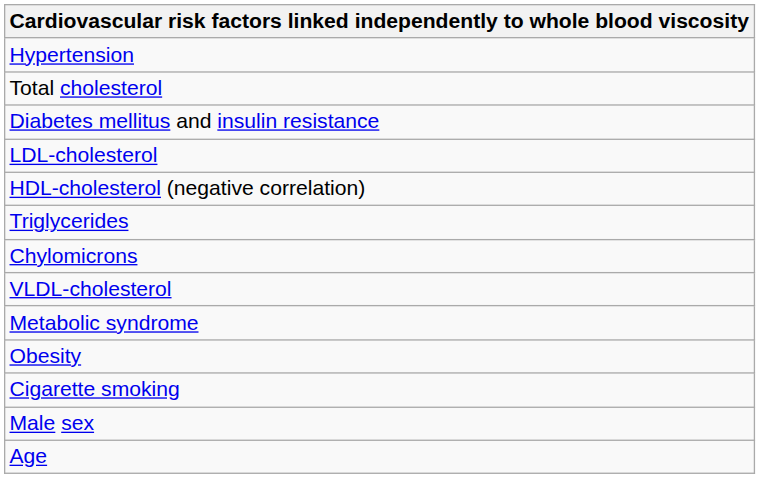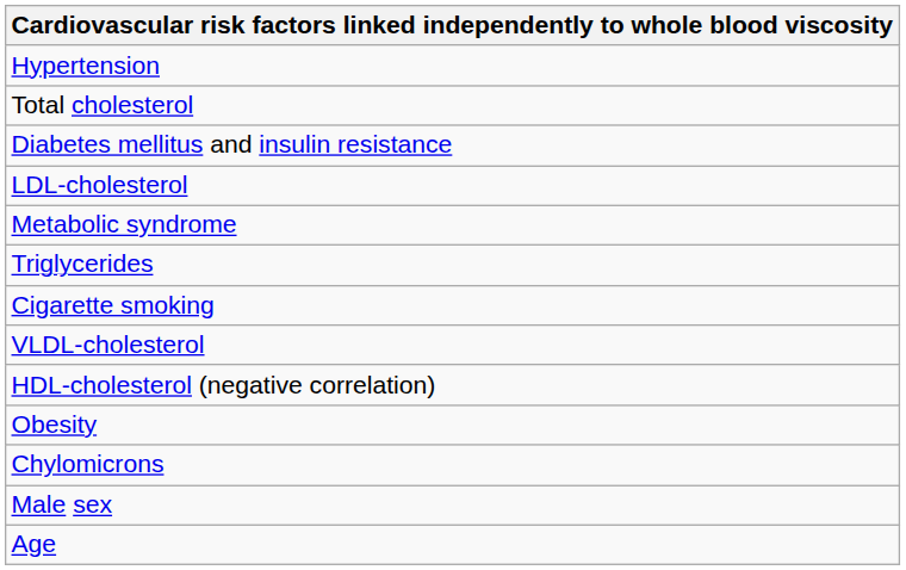 <table class="wikitable">
 <tr>
 <th>Cardiovascular risk factors linked independently to whole blood viscosity</th>
 </tr>
 <tr>
 <td><a href='#'>Hypertension</a></td>
 </tr>
 <tr>
 <td>Total <a href='#'>cholesterol</a></td>
 </tr>
 <tr>
 <td><a href='#'>Diabetes mellitus</a> and <a href='#'>insulin resistance</a></td>
 </tr>
 <tr>
 <td><a href='#'>LDL-cholesterol</a></td>
 </tr>
 <tr>
-<td><a href='#'>HDL-cholesterol</a> (negative correlation)</td>
+<td><a href='#'>Metabolic syndrome</a></td>
 </tr>
 <tr>
 <td><a href='#'>Triglycerides</a></td>
 </tr>
 <tr>
-<td><a href='#'>Chylomicrons</a></td>
+<td><a href='#'>Cigarette smoking</a></td>
 </tr>
 <tr>
 <td><a href='#'>VLDL-cholesterol</a></td>
 </tr>
 <tr>
-<td><a href='#'>Metabolic syndrome</a></td>
+<td><a href='#'>HDL-cholesterol</a> (negative correlation)</td>
 </tr>
 <tr>
 <td><a href='#'>Obesity</a></td>
 </tr>
 <tr>
-<td><a href='#'>Cigarette smoking</a></td>
+<td><a href='#'>Chylomicrons</a></td>
 </tr>
 <tr>
 <td><a href='#'>Male</a> <a href='#'>sex</a></td>
 </tr>
 <tr>
 <td><a href='#'>Age</a></td>
 </tr>
 </table>
